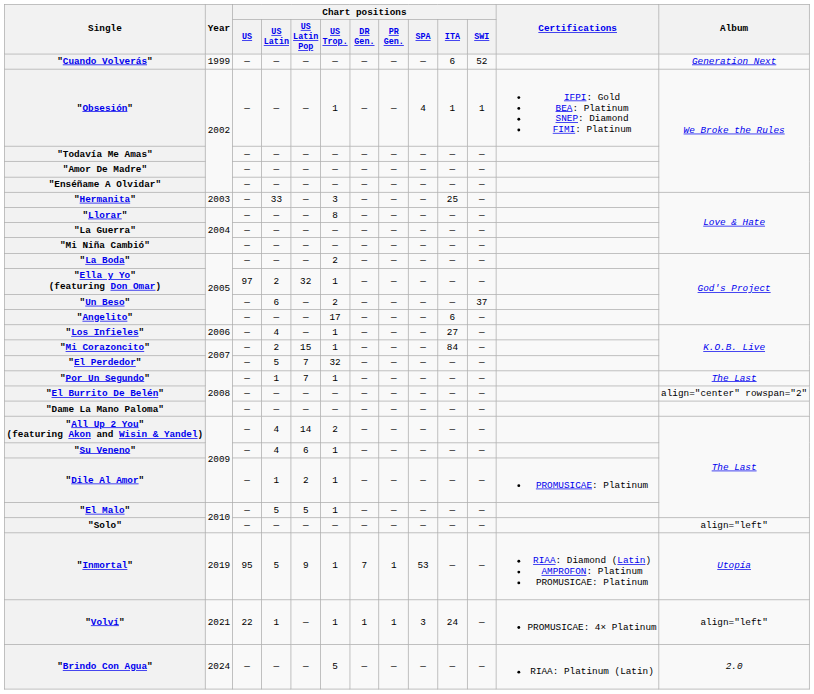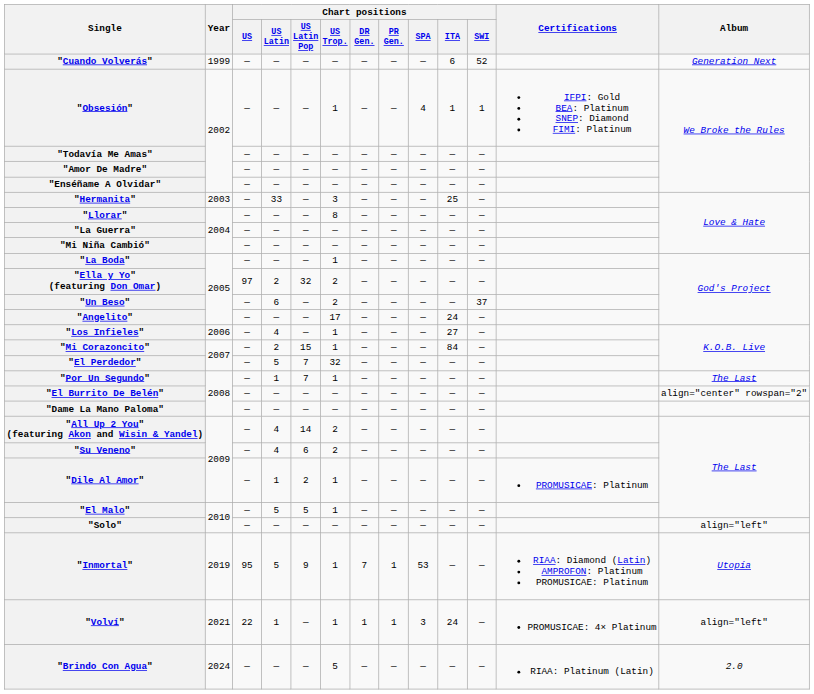 <table class="wikitable plainrowheaders" style="text-align:center;">
 <tr>
 <th rowspan="2" scope="col">Single</th>
 <th rowspan="2" scope="col">Year</th>
 <th scope="col" colspan="9">Chart positions</th>
 <th scope="col" rowspan="2"><a href='#'>Certifications</a></th>
 <th rowspan="2">Album</th>
 </tr>
 <tr>
 <th scope="col" style="width:3em; font-size:90%"><a href='#'>US</a><br></th>
 <th scope="col" style="width:3em; font-size:90%"><a href='#'>US<br>Latin</a><br></th>
 <th scope="col" style="width:3em; font-size:90%"><a href='#'>US<br>Latin<br>Pop</a><br></th>
 <th scope="col" style="width:3em; font-size:90%"><a href='#'>US<br>Trop.</a><br></th>
 <th scope="col" style="width:3em; font-size:90%"><a href='#'>DR<br>Gen.</a><br></th>
 <th scope="col" style="width:3em; font-size:90%"><a href='#'>PR<br>Gen.</a><br></th>
 <th scope="col" style="width:3em; font-size:90%"><a href='#'>SPA</a><br></th>
 <th scope="col" style="width:3em; font-size:90%"><a href='#'>ITA</a><br></th>
 <th scope="col" style="width:3em; font-size:90%"><a href='#'>SWI</a><br></th>
 </tr>
 <tr>
 <th scope="row">"<a href='#'>Cuando Volverás</a>"</th>
 <td align="center">1999</td>
 <td align="center">—</td>
 <td align="center">—</td>
 <td align="center">—</td>
 <td align="center">—</td>
 <td align="center">—</td>
 <td align="center">—</td>
 <td align="center">—</td>
 <td align="center">6</td>
 <td align="center">52</td>
 <td></td>
 <td align="center"><em><a href='#'>Generation Next</a></em></td>
 </tr>
 <tr>
 <th scope="row">"<a href='#'>Obsesión</a>"<br></th>
 <td rowspan="4" align="center">2002</td>
 <td align="center">—</td>
 <td align="center">—</td>
 <td align="center">—</td>
 <td align="center">1</td>
 <td align="center">—</td>
 <td align="center">—</td>
 <td align="center">4</td>
 <td align="center">1</td>
 <td align="center">1</td>
 <td><br><ul><li><a href='#'>IFPI</a>: Gold</li><li><a href='#'>BEA</a>: Platinum</li><li><a href='#'>SNEP</a>: Diamond</li><li><a href='#'>FIMI</a>: Platinum</li></ul></td>
 <td align="center" rowspan="4"><em><a href='#'>We Broke the Rules</a></em></td>
 </tr>
 <tr>
 <th scope="row">"Todavía Me Amas"</th>
 <td align="center">—</td>
 <td align="center">—</td>
 <td align="center">—</td>
 <td align="center">—</td>
 <td align="center">—</td>
 <td align="center">—</td>
 <td align="center">—</td>
 <td align="center">—</td>
 <td align="center">—</td>
 <td></td>
 </tr>
 <tr>
 <th scope="row">"Amor De Madre"</th>
 <td align="center">—</td>
 <td align="center">—</td>
 <td align="center">—</td>
 <td align="center">—</td>
 <td align="center">—</td>
 <td align="center">—</td>
 <td align="center">—</td>
 <td align="center">—</td>
 <td align="center">—</td>
 <td></td>
 </tr>
 <tr>
 <th scope="row">"Enséñame A Olvidar"</th>
 <td align="center">—</td>
 <td align="center">—</td>
 <td align="center">—</td>
 <td align="center">—</td>
 <td align="center">—</td>
 <td align="center">—</td>
 <td align="center">—</td>
 <td align="center">—</td>
 <td align="center">—</td>
 <td></td>
 </tr>
 <tr>
 <th scope="row">"<a href='#'>Hermanita</a>"</th>
 <td align="center">2003</td>
 <td align="center">—</td>
 <td align="center">33</td>
 <td align="center">—</td>
 <td align="center">3</td>
 <td align="center">—</td>
 <td align="center">—</td>
 <td align="center">—</td>
 <td align="center">25</td>
 <td align="center">—</td>
 <td></td>
 <td align="center" rowspan="4"><em><a href='#'>Love & Hate</a></em></td>
 </tr>
 <tr>
 <th scope="row">"<a href='#'>Llorar</a>"</th>
 <td rowspan="3" align="center">2004</td>
 <td align="center">—</td>
 <td align="center">—</td>
 <td align="center">—</td>
 <td align="center">8</td>
 <td align="center">—</td>
 <td align="center">—</td>
 <td align="center">—</td>
 <td align="center">—</td>
 <td align="center">—</td>
 <td></td>
 </tr>
 <tr>
 <th scope="row">"La Guerra"<br></th>
 <td align="center">—</td>
 <td align="center">—</td>
 <td align="center">—</td>
 <td align="center">—</td>
 <td align="center">—</td>
 <td align="center">—</td>
 <td align="center">—</td>
 <td align="center">—</td>
 <td align="center">—</td>
 <td></td>
 </tr>
 <tr>
 <th scope="row">"Mi Niña Cambió"</th>
 <td align="center">—</td>
 <td align="center">—</td>
 <td align="center">—</td>
 <td align="center">—</td>
 <td align="center">—</td>
 <td align="center">—</td>
 <td align="center">—</td>
 <td align="center">—</td>
 <td align="center">—</td>
 <td></td>
 </tr>
 <tr>
 <th scope="row">"<a href='#'>La Boda</a>"</th>
 <td rowspan="4" align="center">2005</td>
 <td align="center">—</td>
 <td align="center">—</td>
 <td align="center">—</td>
-<td align="center">2</td>
+<td align="center">1</td>
 <td align="center">—</td>
 <td align="center">—</td>
 <td align="center">—</td>
 <td align="center">—</td>
 <td align="center">—</td>
 <td></td>
 <td align="center" rowspan="4"><em><a href='#'>God's Project</a></em></td>
 </tr>
 <tr>
 <th scope="row">"<a href='#'>Ella y Yo</a>" <br>(featuring <a href='#'>Don Omar</a>)</th>
 <td align="center">97</td>
 <td align="center">2</td>
 <td align="center">32</td>
-<td align="center">1</td>
+<td align="center">2</td>
 <td align="center">—</td>
 <td align="center">—</td>
 <td align="center">—</td>
 <td align="center">—</td>
 <td align="center">—</td>
 <td></td>
 </tr>
 <tr>
 <th scope="row">"<a href='#'>Un Beso</a>"</th>
 <td align="center">—</td>
 <td align="center">6</td>
 <td align="center">—</td>
 <td align="center">2</td>
 <td align="center">—</td>
 <td align="center">—</td>
 <td align="center">—</td>
 <td align="center">—</td>
 <td align="center">37</td>
 <td></td>
 </tr>
 <tr>
 <th scope="row">"<a href='#'>Angelito</a>"<br></th>
 <td align="center">—</td>
 <td align="center">—</td>
 <td align="center">—</td>
 <td align="center">17</td>
 <td align="center">—</td>
 <td align="center">—</td>
 <td align="center">—</td>
-<td align="center">6</td>
+<td align="center">24</td>
 <td align="center">—</td>
 <td></td>
 </tr>
 <tr>
 <th scope="row">"<a href='#'>Los Infieles</a>"</th>
 <td align="center">2006</td>
 <td align="center">—</td>
 <td align="center">4</td>
 <td align="center">—</td>
 <td align="center">1</td>
 <td align="center">—</td>
 <td align="center">—</td>
 <td align="center">—</td>
 <td align="center">27</td>
 <td align="center">—</td>
 <td></td>
 <td align="center" rowspan="3"><em><a href='#'>K.O.B. Live</a></em></td>
 </tr>
 <tr>
 <th scope="row">"<a href='#'>Mi Corazoncito</a>"</th>
 <td rowspan="2" align="center">2007</td>
 <td align="center">—</td>
 <td align="center">2</td>
 <td align="center">15</td>
 <td align="center">1</td>
 <td align="center">—</td>
 <td align="center">—</td>
 <td align="center">—</td>
 <td align="center">84</td>
 <td align="center">—</td>
 <td></td>
 </tr>
 <tr>
 <th scope="row">"<a href='#'>El Perdedor</a>"</th>
 <td align="center">—</td>
 <td align="center">5</td>
 <td align="center">7</td>
 <td align="center">32</td>
 <td align="center">—</td>
 <td align="center">—</td>
 <td align="center">—</td>
 <td align="center">—</td>
 <td align="center">—</td>
 <td></td>
 </tr>
 <tr>
 <th scope="row">"<a href='#'>Por Un Segundo</a>"</th>
 <td rowspan="3" align="center">2008</td>
 <td align="center">—</td>
 <td align="center">1</td>
 <td align="center">7</td>
 <td align="center">1</td>
 <td align="center">—</td>
 <td align="center">—</td>
 <td align="center">—</td>
 <td align="center">—</td>
 <td align="center">—</td>
 <td></td>
 <td align="center"><em><a href='#'>The Last</a></em></td>
 </tr>
 <tr>
 <th scope="row">"<a href='#'>El Burrito De Belén</a>"</th>
 <td align="center">—</td>
 <td align="center">—</td>
 <td align="center">—</td>
 <td align="center">—</td>
 <td align="center">—</td>
 <td align="center">—</td>
 <td align="center">—</td>
 <td align="center">—</td>
 <td align="center">—</td>
 <td></td>
 <td>align="center" rowspan="2"<em></em></td>
 </tr>
 <tr>
 <th scope="row">"Dame La Mano Paloma"</th>
 <td align="center">—</td>
 <td align="center">—</td>
 <td align="center">—</td>
 <td align="center">—</td>
 <td align="center">—</td>
 <td align="center">—</td>
 <td align="center">—</td>
 <td align="center">—</td>
 <td align="center">—</td>
 <td></td>
 </tr>
 <tr>
 <th scope="row">"<a href='#'>All Up 2 You</a>" <br>(featuring <a href='#'>Akon</a> and <a href='#'>Wisin & Yandel</a>)</th>
 <td rowspan="3" align="center">2009</td>
 <td align="center">—</td>
 <td align="center">4</td>
 <td align="center">14</td>
 <td align="center">2</td>
 <td align="center">—</td>
 <td align="center">—</td>
 <td align="center">—</td>
 <td align="center">—</td>
 <td align="center">—</td>
 <td></td>
 <td align="center" rowspan="4"><em><a href='#'>The Last</a></em></td>
 </tr>
 <tr>
 <th scope="row">"<a href='#'>Su Veneno</a>"</th>
 <td align="center">—</td>
 <td align="center">4</td>
 <td align="center">6</td>
-<td align="center">1</td>
+<td align="center">2</td>
 <td align="center">—</td>
 <td align="center">—</td>
 <td align="center">—</td>
 <td align="center">—</td>
 <td align="center">—</td>
 <td></td>
 </tr>
 <tr>
 <th scope="row">"<a href='#'>Dile Al Amor</a>"</th>
 <td align="center">—</td>
 <td align="center">1</td>
 <td align="center">2</td>
 <td align="center">1</td>
 <td align="center">—</td>
 <td align="center">—</td>
 <td align="center">—</td>
 <td align="center">—</td>
 <td align="center">—</td>
 <td><br><ul><li><a href='#'>PROMUSICAE</a>: Platinum  </li></ul></td>
 </tr>
 <tr>
 <th scope="row">"<a href='#'>El Malo</a>"</th>
 <td rowspan="2" align="center">2010</td>
 <td align="center">—</td>
 <td align="center">5</td>
 <td align="center">5</td>
 <td align="center">1</td>
 <td align="center">—</td>
 <td align="center">—</td>
 <td align="center">—</td>
 <td align="center">—</td>
 <td align="center">—</td>
 <td></td>
 </tr>
 <tr>
 <th scope="row">"Solo"</th>
 <td align="center">—</td>
 <td align="center">—</td>
 <td align="center">—</td>
 <td align="center">—</td>
 <td align="center">—</td>
 <td align="center">—</td>
 <td align="center">—</td>
 <td align="center">—</td>
 <td align="center">—</td>
 <td></td>
 <td>align="left" <em></em></td>
 </tr>
 <tr>
 <th scope="row">"<a href='#'>Inmortal</a>"</th>
 <td align="center">2019</td>
 <td align="center">95</td>
 <td align="center">5</td>
 <td align="center">9</td>
 <td align="center">1</td>
 <td align="center">7</td>
 <td align="center">1</td>
 <td align="center">53</td>
 <td align="center">—</td>
 <td align="center">—</td>
 <td><br><ul><li><a href='#'>RIAA</a>: Diamond (<a href='#'>Latin</a>)</li><li><a href='#'>AMPROFON</a>: Platinum</li><li>PROMUSICAE: Platinum  </li></ul></td>
 <td align="center"><em><a href='#'>Utopía</a></em></td>
 </tr>
 <tr>
 <th scope="row">"<a href='#'>Volví</a>"<br></th>
 <td align="center">2021</td>
 <td align="center">22</td>
 <td align="center">1</td>
 <td align="center">—</td>
 <td align="center">1</td>
 <td align="center">1</td>
 <td align="center">1</td>
 <td align="center">3</td>
 <td align="center">24</td>
 <td align="center">—</td>
 <td><br><ul><li>PROMUSICAE: 4× Platinum  </li></ul></td>
 <td>align="left" <em></em></td>
 </tr>
 <tr>
 <th scope="row">"<a href='#'>Brindo Con Agua</a>"</th>
 <td align="center">2024</td>
 <td align="center">—</td>
 <td align="center">—</td>
 <td align="center">—</td>
 <td align="center">5</td>
 <td align="center">—</td>
 <td align="center">—</td>
 <td align="center">—</td>
 <td align="center">—</td>
 <td align="center">—</td>
 <td><br><ul><li>RIAA: Platinum (Latin)</li></ul></td>
 <td align="center"><em>2.0</em></td>
 </tr>
 </table>
